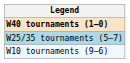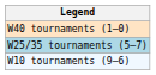 <table class=wikitable style="font-size:85%">
 <tr>
 <th>Legend</th>
 </tr>
 <tr style="background:#ffe4c4;">
-<td><strong>W40 tournaments (1–0)</strong></td>
+<td>W40 tournaments (1–0)</td>
 </tr>
 <tr style="background:lightblue;">
 <td>W25/35 tournaments (5–7)</td>
 </tr>
 <tr style="background:#f0f8ff;">
 <td>W10 tournaments (9–6)</td>
 </tr>
 </table>
